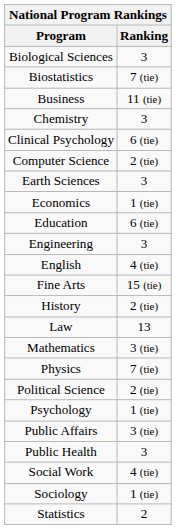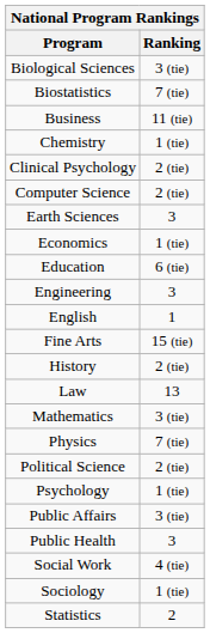 <table class="wikitable sortable collapsible collapsed" style="float:right; clear:right; text-align:center">
 <tr>
 <th colspan=4>National Program Rankings</th>
 </tr>
 <tr>
 <th>Program</th>
 <th>Ranking</th>
 </tr>
 <tr>
 <td>Biological Sciences</td>
-<td>3</td>
+<td>3 <small>(tie)</small></td>
 </tr>
 <tr>
 <td>Biostatistics</td>
 <td>7 <small>(tie)</small></td>
 </tr>
 <tr>
 <td>Business</td>
 <td>11 <small>(tie)</small></td>
 </tr>
 <tr>
 <td>Chemistry</td>
-<td>3</td>
+<td>1 <small>(tie)</small></td>
 </tr>
 <tr>
 <td>Clinical Psychology</td>
-<td>6 <small>(tie)</small></td>
+<td>2 <small>(tie)</small></td>
 </tr>
 <tr>
 <td>Computer Science</td>
 <td>2 <small>(tie)</small></td>
 </tr>
 <tr>
 <td>Earth Sciences</td>
 <td>3</td>
 </tr>
 <tr>
 <td>Economics</td>
 <td>1 <small>(tie)</small></td>
 </tr>
 <tr>
 <td>Education</td>
 <td>6 <small>(tie)</small></td>
 </tr>
 <tr>
 <td>Engineering</td>
 <td>3</td>
 </tr>
 <tr>
 <td>English</td>
-<td>4 <small>(tie)</small></td>
+<td>1</td>
 </tr>
 <tr>
 <td>Fine Arts</td>
 <td>15 <small>(tie)</small></td>
 </tr>
 <tr>
 <td>History</td>
 <td>2 <small>(tie)</small></td>
 </tr>
 <tr>
 <td>Law</td>
 <td>13</td>
 </tr>
 <tr>
 <td>Mathematics</td>
 <td>3 <small>(tie)</small></td>
 </tr>
 <tr>
 <td>Physics</td>
 <td>7 <small>(tie)</small></td>
 </tr>
 <tr>
 <td>Political Science</td>
 <td>2 <small>(tie)</small></td>
 </tr>
 <tr>
 <td>Psychology</td>
 <td>1 <small>(tie)</small></td>
 </tr>
 <tr>
 <td>Public Affairs</td>
 <td>3 <small>(tie)</small></td>
 </tr>
 <tr>
 <td>Public Health</td>
 <td>3</td>
 </tr>
 <tr>
 <td>Social Work</td>
 <td>4 <small>(tie)</small></td>
 </tr>
 <tr>
 <td>Sociology</td>
 <td>1 <small>(tie)</small></td>
 </tr>
 <tr>
 <td>Statistics</td>
 <td>2</td>
 </tr>
 </table>
